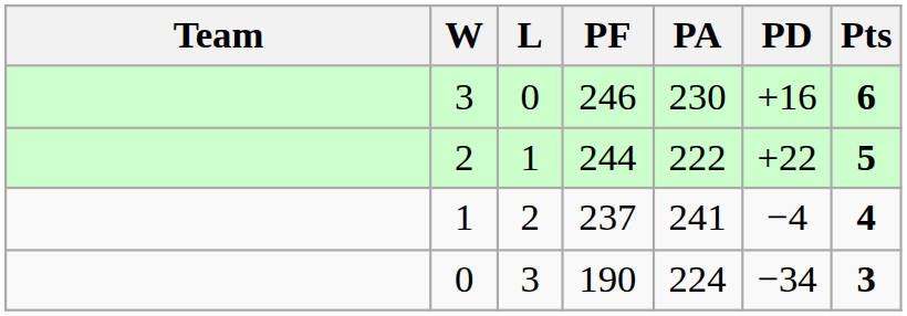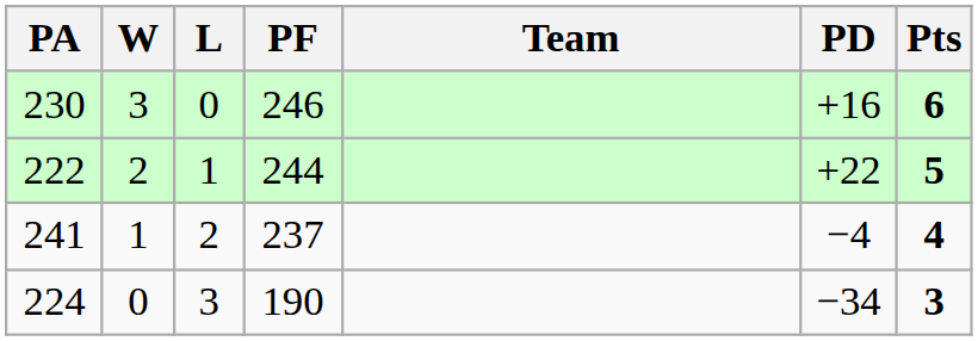 <table class="wikitable" style="text-align:center;">
 <tr>
-<th width=170>Team</th>
+<th width=30>PA</th>
 <th width=20>W</th>
 <th width=20>L</th>
 <th width=30>PF</th>
-<th width=30>PA</th>
+<th width=170>Team</th>
 <th width=30>PD</th>
 <th width=20>Pts</th>
 </tr>
 <tr bgcolor="#ccffcc">
-<td align=left></td>
+<td>230</td>
 <td>3</td>
 <td>0</td>
 <td>246</td>
-<td>230</td>
+<td align=left></td>
 <td>+16</td>
 <td><strong>6</strong></td>
 </tr>
 <tr bgcolor="#ccffcc">
-<td align=left></td>
+<td>222</td>
 <td>2</td>
 <td>1</td>
 <td>244</td>
-<td>222</td>
+<td align=left></td>
 <td>+22</td>
 <td><strong>5</strong></td>
 </tr>
 <tr>
-<td align=left></td>
+<td>241</td>
 <td>1</td>
 <td>2</td>
 <td>237</td>
-<td>241</td>
+<td align=left></td>
 <td>−4</td>
 <td><strong>4</strong></td>
 </tr>
 <tr>
-<td align=left></td>
+<td>224</td>
 <td>0</td>
 <td>3</td>
 <td>190</td>
-<td>224</td>
+<td align=left></td>
 <td>−34</td>
 <td><strong>3</strong></td>
 </tr>
 </table>
